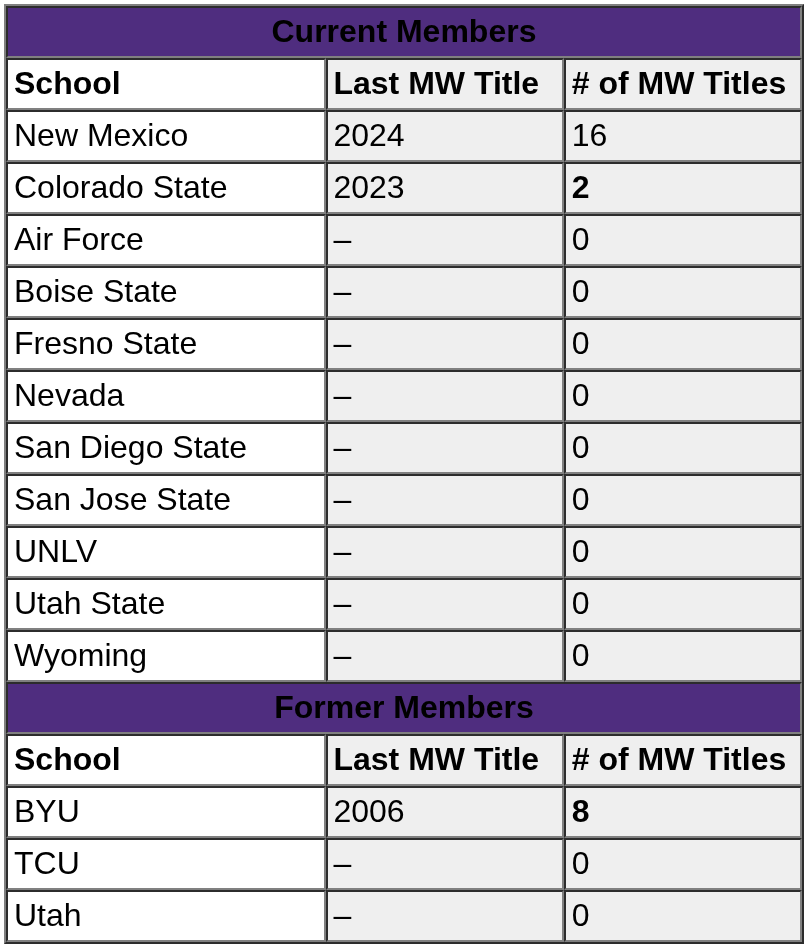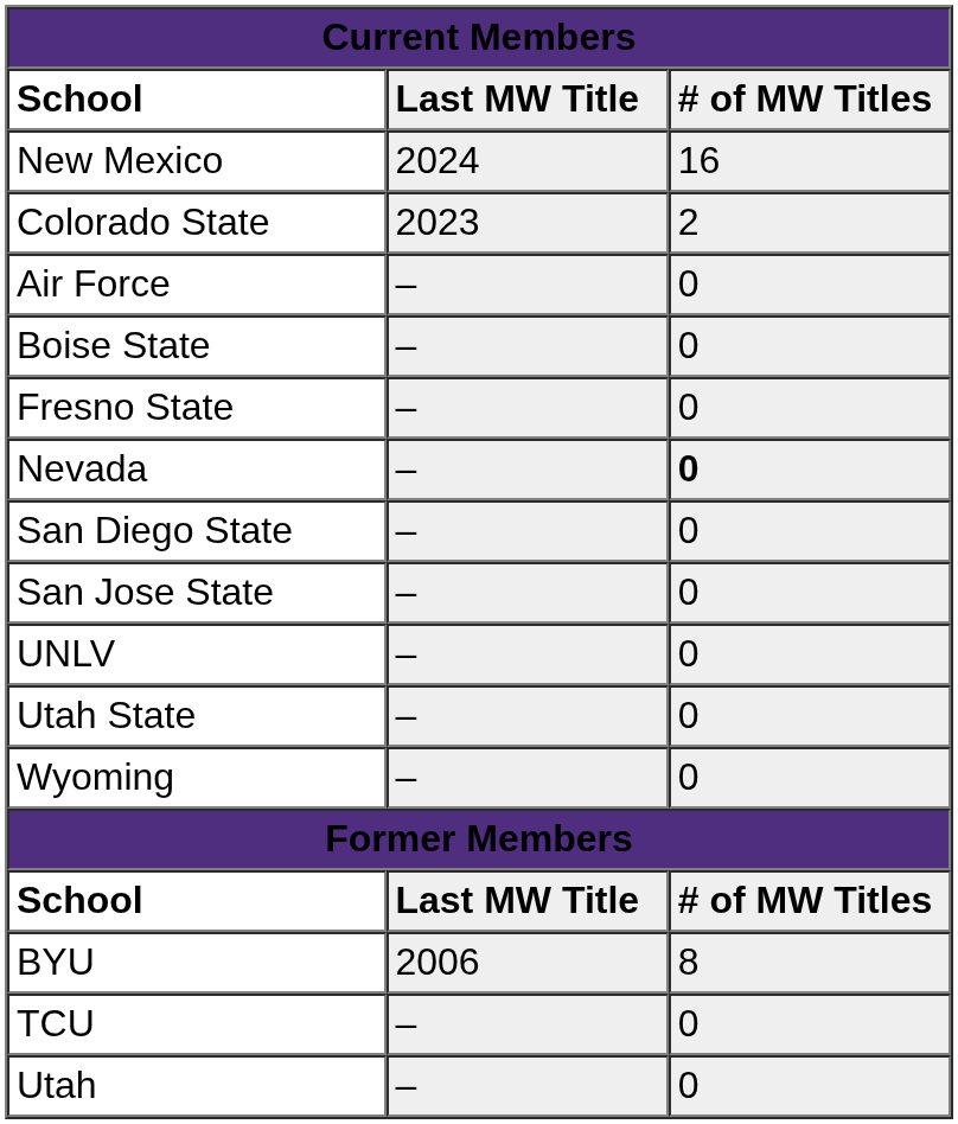 <table border="1" cellpadding="3" cellspacing="0" align="right" width="400px">
 <tr>
 <td colspan=4 align="center" bgcolor="#4F2D7F"><span><strong>Current Members</strong></span></td>
 </tr>
 <tr>
 <td style="background:#ffffff;" width="110"><strong>School</strong></td>
 <td style="background:#efefef;" width="80"><strong>Last MW Title</strong></td>
 <td style="background:#efefef;" width="80"><strong># of MW Titles</strong></td>
 </tr>
 <tr>
 <td bgcolor="#ffffff">New Mexico</td>
 <td bgcolor="#efefef">2024</td>
 <td bgcolor="#efefef">16</td>
 </tr>
 <tr>
 <td bgcolor="#ffffff">Colorado State</td>
 <td bgcolor="#efefef">2023</td>
-<td bgcolor="#efefef"><strong>2</strong></td>
+<td bgcolor="#efefef">2</td>
 </tr>
 <tr>
 <td bgcolor="#ffffff">Air Force</td>
 <td bgcolor="#efefef">–</td>
 <td bgcolor="#efefef">0</td>
 </tr>
 <tr>
 <td bgcolor="#ffffff">Boise State</td>
 <td bgcolor="#efefef">–</td>
 <td bgcolor="#efefef">0</td>
 </tr>
 <tr>
 <td bgcolor="#ffffff">Fresno State</td>
 <td bgcolor="#efefef">–</td>
 <td bgcolor="#efefef">0</td>
 </tr>
 <tr>
 <td bgcolor="#ffffff">Nevada</td>
 <td bgcolor="#efefef">–</td>
-<td bgcolor="#efefef">0</td>
+<td bgcolor="#efefef"><strong>0</strong></td>
 </tr>
 <tr>
 <td bgcolor="#ffffff">San Diego State</td>
 <td bgcolor="#efefef">–</td>
 <td bgcolor="#efefef">0</td>
 </tr>
 <tr>
 <td bgcolor="#ffffff">San Jose State</td>
 <td bgcolor="#efefef">–</td>
 <td bgcolor="#efefef">0</td>
 </tr>
 <tr>
 <td bgcolor="#ffffff">UNLV</td>
 <td bgcolor="#efefef">–</td>
 <td bgcolor="#efefef">0</td>
 </tr>
 <tr>
 <td bgcolor="#ffffff">Utah State</td>
 <td bgcolor="#efefef">–</td>
 <td bgcolor="#efefef">0</td>
 </tr>
 <tr>
 <td bgcolor="#ffffff">Wyoming</td>
 <td bgcolor="#efefef">–</td>
 <td bgcolor="#efefef">0</td>
 </tr>
 <tr>
 <td colspan=4 align="center" bgcolor="#4F2D7F"><span><strong>Former Members</strong></span></td>
 </tr>
 <tr>
 <td style="background:#ffffff;" width="110"><strong>School</strong></td>
 <td style="background:#efefef;" width="80"><strong>Last MW Title</strong></td>
 <td style="background:#efefef;" width="80"><strong># of MW Titles</strong></td>
 </tr>
 <tr>
 <td bgcolor="#ffffff">BYU</td>
 <td bgcolor="#efefef">2006</td>
-<td bgcolor="#efefef"><strong>8</strong></td>
+<td bgcolor="#efefef">8</td>
 </tr>
 <tr>
 <td bgcolor="#ffffff">TCU</td>
 <td bgcolor="#efefef">–</td>
 <td bgcolor="#efefef">0</td>
 </tr>
 <tr>
 <td bgcolor="#ffffff">Utah</td>
 <td bgcolor="#efefef">–</td>
 <td bgcolor="#efefef">0</td>
 </tr>
 </table>
